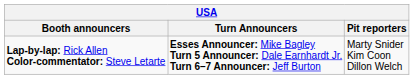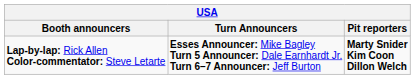 <table class="wikitable" style="font-size: 95%">
 <tr>
 <th colspan="3"><a href='#'>USA</a></th>
 </tr>
 <tr>
 <th>Booth announcers</th>
 <th>Turn Announcers</th>
 <th>Pit reporters</th>
 </tr>
 <tr>
 <td><strong>Lap-by-lap:</strong> <a href='#'>Rick Allen</a><br><strong>Color-commentator:</strong> <a href='#'>Steve Letarte</a></td>
 <td><strong>Esses Announcer:</strong> <a href='#'>Mike Bagley</a><br><strong>Turn 5 Announcer:</strong> <a href='#'>Dale Earnhardt Jr.</a><br><strong>Turn 6–7 Announcer:</strong> <a href='#'>Jeff Burton</a></td>
-<td>Marty Snider<br>Kim Coon<br>Dillon Welch</td>
+<td><strong>Marty Snider<br>Kim Coon<br>Dillon Welch</strong></td>
 </tr>
 </table>
